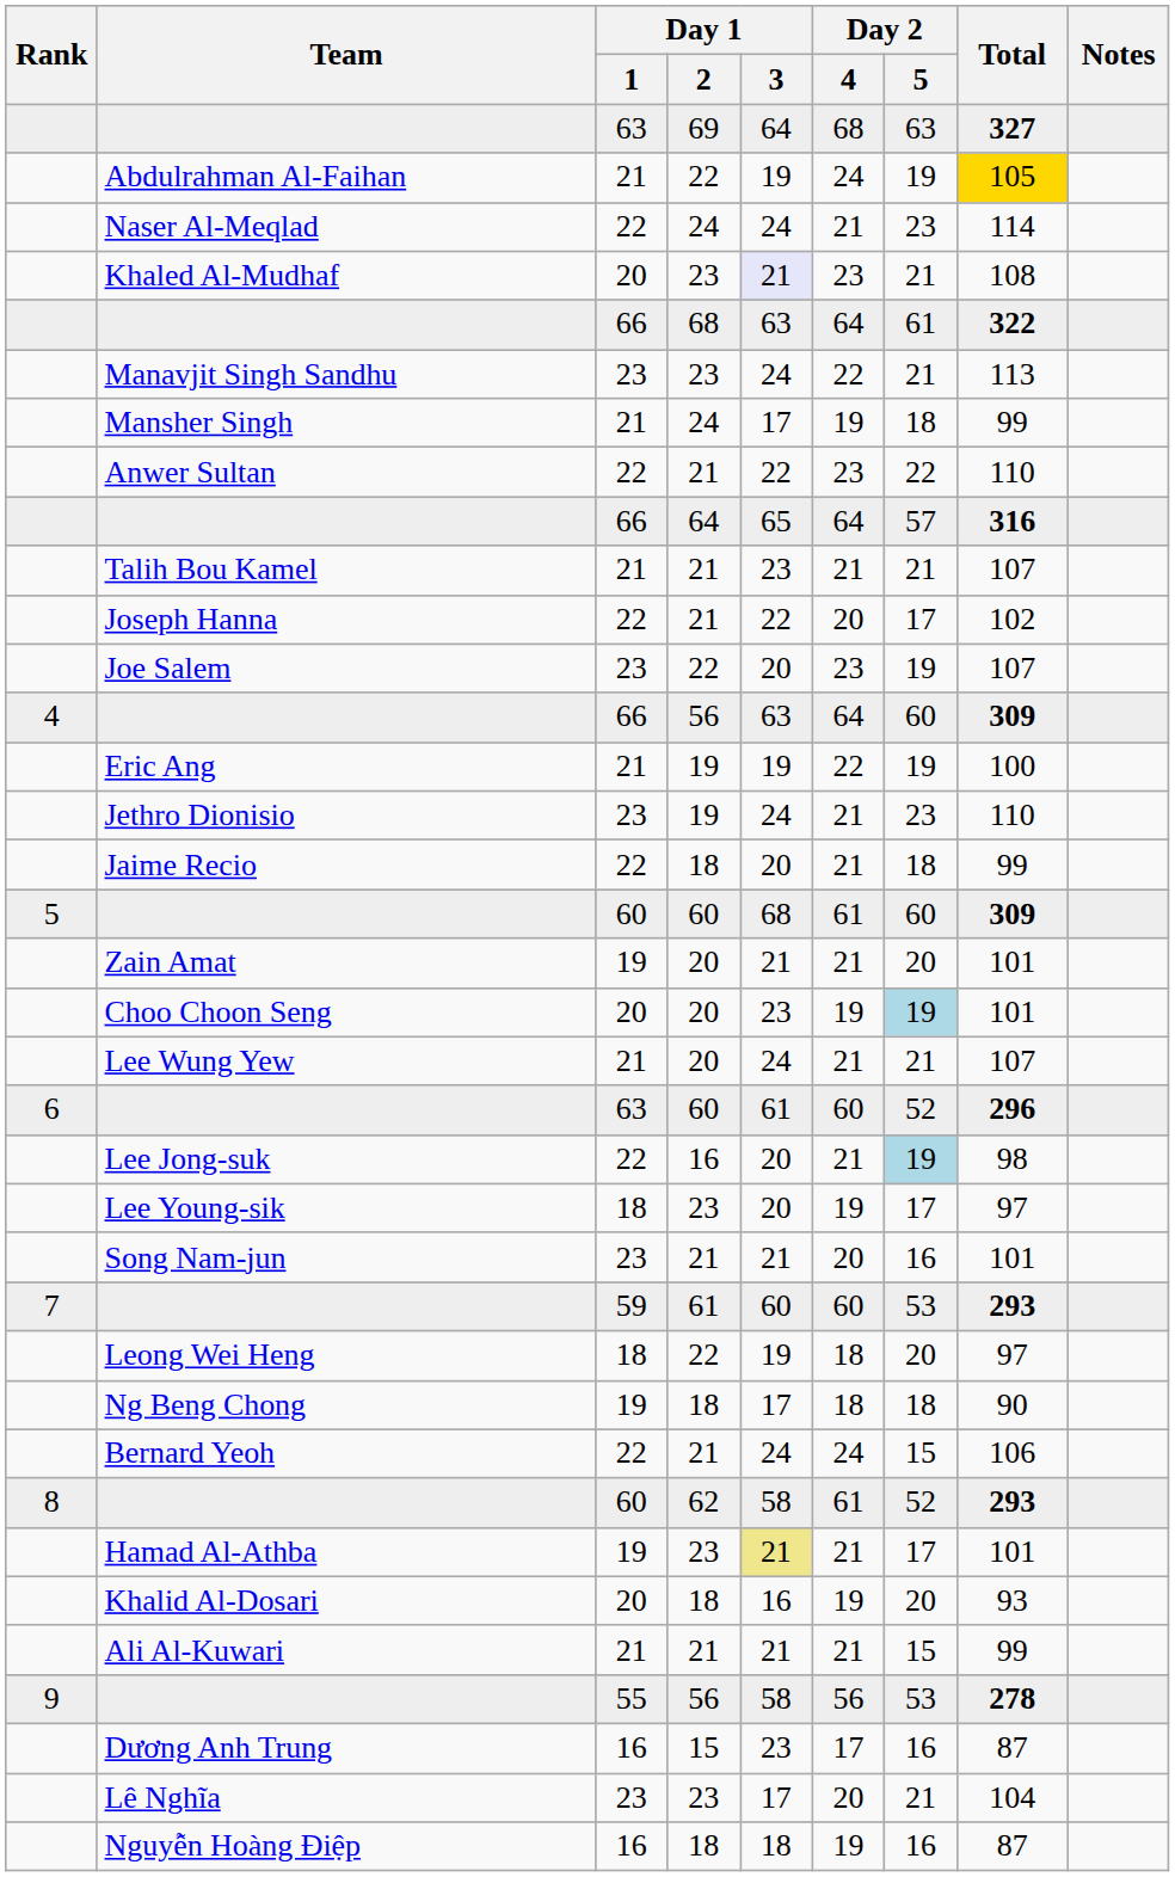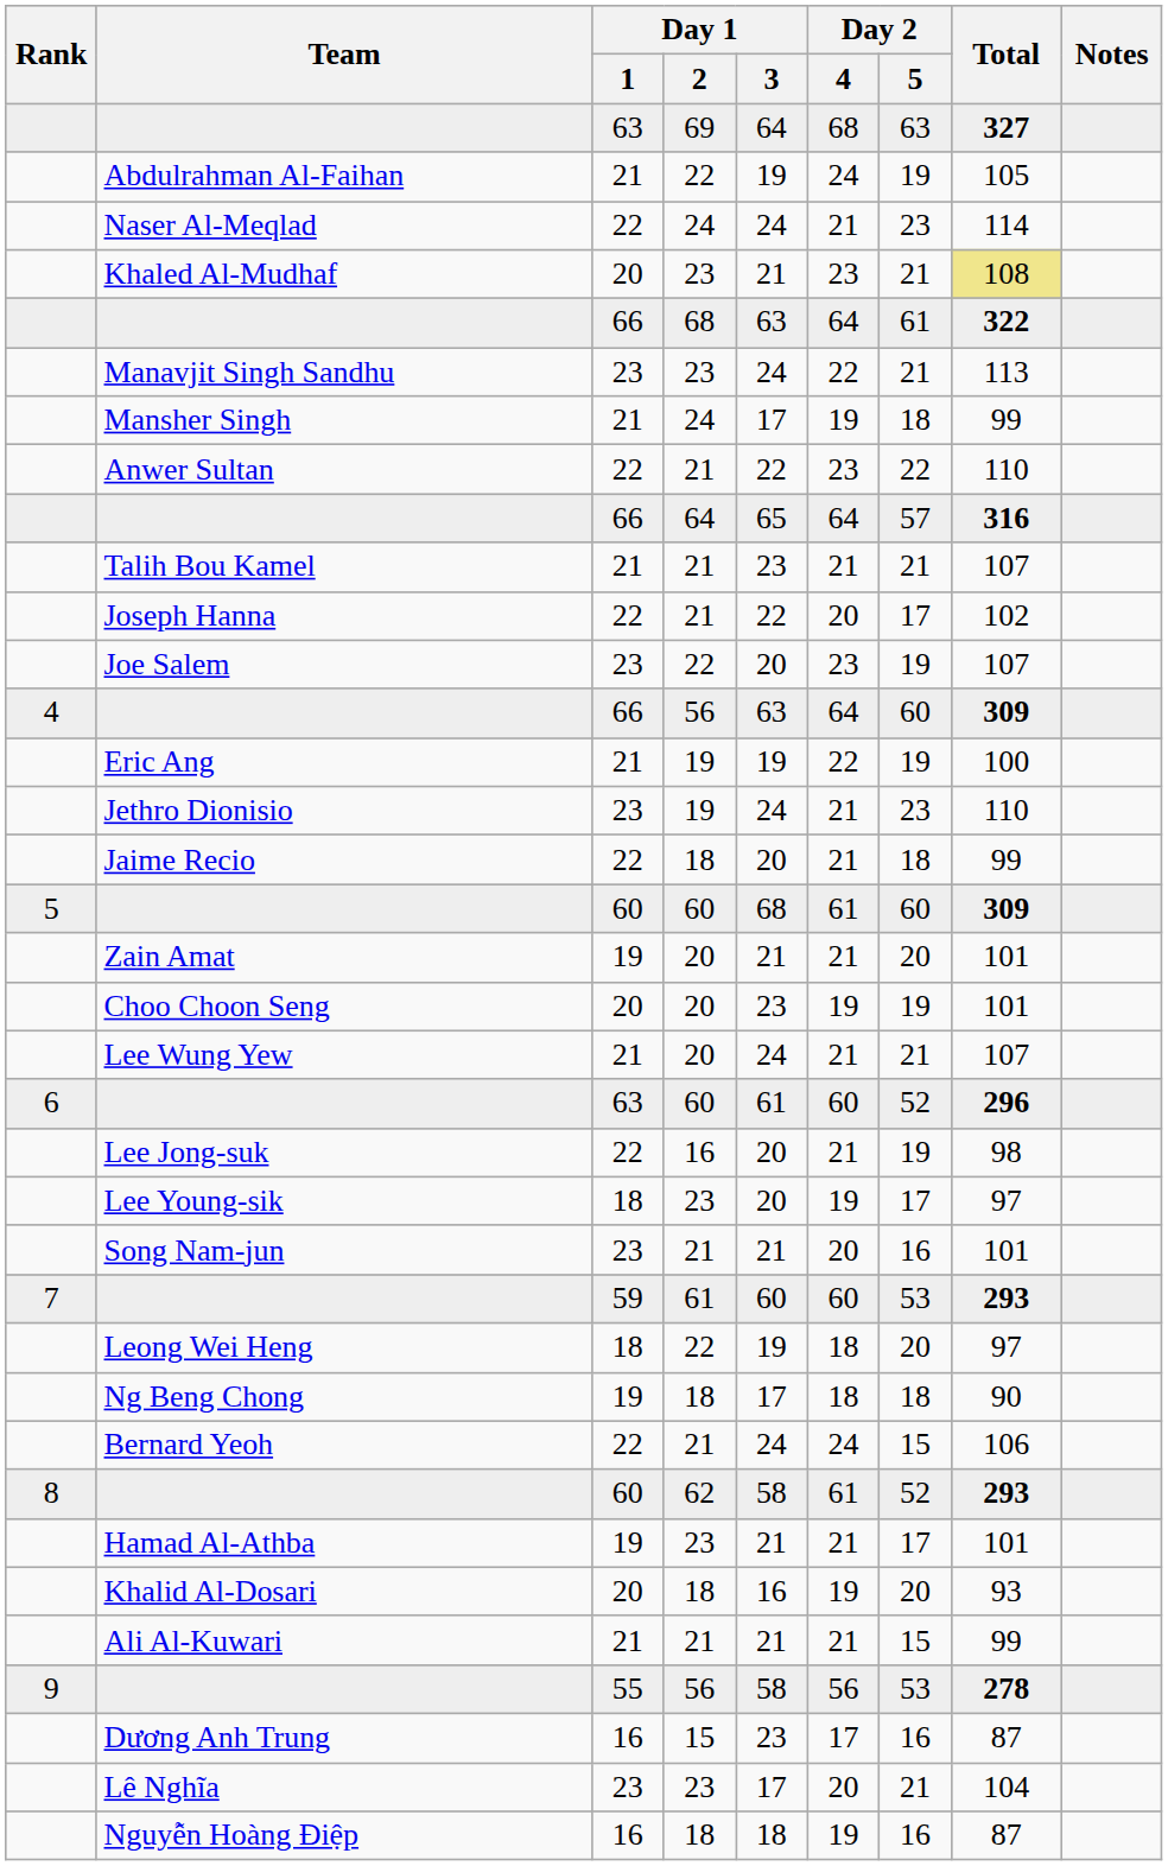 <table class="wikitable" style="text-align:center">
 <tr>
 <th rowspan=2 width=40>Rank</th>
 <th rowspan=2 width=250>Team</th>
 <th colspan=3>Day 1</th>
 <th colspan=2>Day 2</th>
 <th rowspan=2 width=50>Total</th>
 <th rowspan=2 width=45>Notes</th>
 </tr>
 <tr>
 <th width=30>1</th>
 <th width=30>2</th>
 <th width=30>3</th>
 <th width=30>4</th>
 <th width=30>5</th>
 </tr>
 <tr bgcolor=eeeeee>
 <td></td>
 <td align=left></td>
 <td>63</td>
 <td>69</td>
 <td>64</td>
 <td>68</td>
 <td>63</td>
 <td><strong>327</strong></td>
 <td></td>
 </tr>
 <tr>
 <td></td>
 <td align=left><a href='#'>Abdulrahman Al-Faihan</a></td>
 <td>21</td>
 <td>22</td>
 <td>19</td>
 <td>24</td>
 <td>19</td>
-<td style="background: gold;">105</td>
+<td>105</td>
 <td></td>
 </tr>
 <tr>
 <td></td>
 <td align=left><a href='#'>Naser Al-Meqlad</a></td>
 <td>22</td>
 <td>24</td>
 <td>24</td>
 <td>21</td>
 <td>23</td>
 <td>114</td>
 <td></td>
 </tr>
 <tr>
 <td></td>
 <td align=left><a href='#'>Khaled Al-Mudhaf</a></td>
 <td>20</td>
 <td>23</td>
-<td style="background: lavender;">21</td>
+<td>21</td>
 <td>23</td>
 <td>21</td>
-<td>108</td>
+<td style="background: khaki;">108</td>
 <td></td>
 </tr>
 <tr bgcolor=eeeeee>
 <td></td>
 <td align=left></td>
 <td>66</td>
 <td>68</td>
 <td>63</td>
 <td>64</td>
 <td>61</td>
 <td><strong>322</strong></td>
 <td></td>
 </tr>
 <tr>
 <td></td>
 <td align=left><a href='#'>Manavjit Singh Sandhu</a></td>
 <td>23</td>
 <td>23</td>
 <td>24</td>
 <td>22</td>
 <td>21</td>
 <td>113</td>
 <td></td>
 </tr>
 <tr>
 <td></td>
 <td align=left><a href='#'>Mansher Singh</a></td>
 <td>21</td>
 <td>24</td>
 <td>17</td>
 <td>19</td>
 <td>18</td>
 <td>99</td>
 <td></td>
 </tr>
 <tr>
 <td></td>
 <td align=left><a href='#'>Anwer Sultan</a></td>
 <td>22</td>
 <td>21</td>
 <td>22</td>
 <td>23</td>
 <td>22</td>
 <td>110</td>
 <td></td>
 </tr>
 <tr bgcolor=eeeeee>
 <td></td>
 <td align=left></td>
 <td>66</td>
 <td>64</td>
 <td>65</td>
 <td>64</td>
 <td>57</td>
 <td><strong>316</strong></td>
 <td></td>
 </tr>
 <tr>
 <td></td>
 <td align=left><a href='#'>Talih Bou Kamel</a></td>
 <td>21</td>
 <td>21</td>
 <td>23</td>
 <td>21</td>
 <td>21</td>
 <td>107</td>
 <td></td>
 </tr>
 <tr>
 <td></td>
 <td align=left><a href='#'>Joseph Hanna</a></td>
 <td>22</td>
 <td>21</td>
 <td>22</td>
 <td>20</td>
 <td>17</td>
 <td>102</td>
 <td></td>
 </tr>
 <tr>
 <td></td>
 <td align=left><a href='#'>Joe Salem</a></td>
 <td>23</td>
 <td>22</td>
 <td>20</td>
 <td>23</td>
 <td>19</td>
 <td>107</td>
 <td></td>
 </tr>
 <tr bgcolor=eeeeee>
 <td>4</td>
 <td align=left></td>
 <td>66</td>
 <td>56</td>
 <td>63</td>
 <td>64</td>
 <td>60</td>
 <td><strong>309</strong></td>
 <td></td>
 </tr>
 <tr>
 <td></td>
 <td align=left><a href='#'>Eric Ang</a></td>
 <td>21</td>
 <td>19</td>
 <td>19</td>
 <td>22</td>
 <td>19</td>
 <td>100</td>
 <td></td>
 </tr>
 <tr>
 <td></td>
 <td align=left><a href='#'>Jethro Dionisio</a></td>
 <td>23</td>
 <td>19</td>
 <td>24</td>
 <td>21</td>
 <td>23</td>
 <td>110</td>
 <td></td>
 </tr>
 <tr>
 <td></td>
 <td align=left><a href='#'>Jaime Recio</a></td>
 <td>22</td>
 <td>18</td>
 <td>20</td>
 <td>21</td>
 <td>18</td>
 <td>99</td>
 <td></td>
 </tr>
 <tr bgcolor=eeeeee>
 <td>5</td>
 <td align=left></td>
 <td>60</td>
 <td>60</td>
 <td>68</td>
 <td>61</td>
 <td>60</td>
 <td><strong>309</strong></td>
 <td></td>
 </tr>
 <tr>
 <td></td>
 <td align=left><a href='#'>Zain Amat</a></td>
 <td>19</td>
 <td>20</td>
 <td>21</td>
 <td>21</td>
 <td>20</td>
 <td>101</td>
 <td></td>
 </tr>
 <tr>
 <td></td>
 <td align=left><a href='#'>Choo Choon Seng</a></td>
 <td>20</td>
 <td>20</td>
 <td>23</td>
 <td>19</td>
-<td style="background: lightblue;">19</td>
+<td>19</td>
 <td>101</td>
 <td></td>
 </tr>
 <tr>
 <td></td>
 <td align=left><a href='#'>Lee Wung Yew</a></td>
 <td>21</td>
 <td>20</td>
 <td>24</td>
 <td>21</td>
 <td>21</td>
 <td>107</td>
 <td></td>
 </tr>
 <tr bgcolor=eeeeee>
 <td>6</td>
 <td align=left></td>
 <td>63</td>
 <td>60</td>
 <td>61</td>
 <td>60</td>
 <td>52</td>
 <td><strong>296</strong></td>
 <td></td>
 </tr>
 <tr>
 <td></td>
 <td align=left><a href='#'>Lee Jong-suk</a></td>
 <td>22</td>
 <td>16</td>
 <td>20</td>
 <td>21</td>
-<td style="background: lightblue;">19</td>
+<td>19</td>
 <td>98</td>
 <td></td>
 </tr>
 <tr>
 <td></td>
 <td align=left><a href='#'>Lee Young-sik</a></td>
 <td>18</td>
 <td>23</td>
 <td>20</td>
 <td>19</td>
 <td>17</td>
 <td>97</td>
 <td></td>
 </tr>
 <tr>
 <td></td>
 <td align=left><a href='#'>Song Nam-jun</a></td>
 <td>23</td>
 <td>21</td>
 <td>21</td>
 <td>20</td>
 <td>16</td>
 <td>101</td>
 <td></td>
 </tr>
 <tr bgcolor=eeeeee>
 <td>7</td>
 <td align=left></td>
 <td>59</td>
 <td>61</td>
 <td>60</td>
 <td>60</td>
 <td>53</td>
 <td><strong>293</strong></td>
 <td></td>
 </tr>
 <tr>
 <td></td>
 <td align=left><a href='#'>Leong Wei Heng</a></td>
 <td>18</td>
 <td>22</td>
 <td>19</td>
 <td>18</td>
 <td>20</td>
 <td>97</td>
 <td></td>
 </tr>
 <tr>
 <td></td>
 <td align=left><a href='#'>Ng Beng Chong</a></td>
 <td>19</td>
 <td>18</td>
 <td>17</td>
 <td>18</td>
 <td>18</td>
 <td>90</td>
 <td></td>
 </tr>
 <tr>
 <td></td>
 <td align=left><a href='#'>Bernard Yeoh</a></td>
 <td>22</td>
 <td>21</td>
 <td>24</td>
 <td>24</td>
 <td>15</td>
 <td>106</td>
 <td></td>
 </tr>
 <tr bgcolor=eeeeee>
 <td>8</td>
 <td align=left></td>
 <td>60</td>
 <td>62</td>
 <td>58</td>
 <td>61</td>
 <td>52</td>
 <td><strong>293</strong></td>
 <td></td>
 </tr>
 <tr>
 <td></td>
 <td align=left><a href='#'>Hamad Al-Athba</a></td>
 <td>19</td>
 <td>23</td>
-<td style="background: khaki;">21</td>
+<td>21</td>
 <td>21</td>
 <td>17</td>
 <td>101</td>
 <td></td>
 </tr>
 <tr>
 <td></td>
 <td align=left><a href='#'>Khalid Al-Dosari</a></td>
 <td>20</td>
 <td>18</td>
 <td>16</td>
 <td>19</td>
 <td>20</td>
 <td>93</td>
 <td></td>
 </tr>
 <tr>
 <td></td>
 <td align=left><a href='#'>Ali Al-Kuwari</a></td>
 <td>21</td>
 <td>21</td>
 <td>21</td>
 <td>21</td>
 <td>15</td>
 <td>99</td>
 <td></td>
 </tr>
 <tr bgcolor=eeeeee>
 <td>9</td>
 <td align=left></td>
 <td>55</td>
 <td>56</td>
 <td>58</td>
 <td>56</td>
 <td>53</td>
 <td><strong>278</strong></td>
 <td></td>
 </tr>
 <tr>
 <td></td>
 <td align=left><a href='#'>Dương Anh Trung</a></td>
 <td>16</td>
 <td>15</td>
 <td>23</td>
 <td>17</td>
 <td>16</td>
 <td>87</td>
 <td></td>
 </tr>
 <tr>
 <td></td>
 <td align=left><a href='#'>Lê Nghĩa</a></td>
 <td>23</td>
 <td>23</td>
 <td>17</td>
 <td>20</td>
 <td>21</td>
 <td>104</td>
 <td></td>
 </tr>
 <tr>
 <td></td>
 <td align=left><a href='#'>Nguyễn Hoàng Điệp</a></td>
 <td>16</td>
 <td>18</td>
 <td>18</td>
 <td>19</td>
 <td>16</td>
 <td>87</td>
 <td></td>
 </tr>
 </table>
